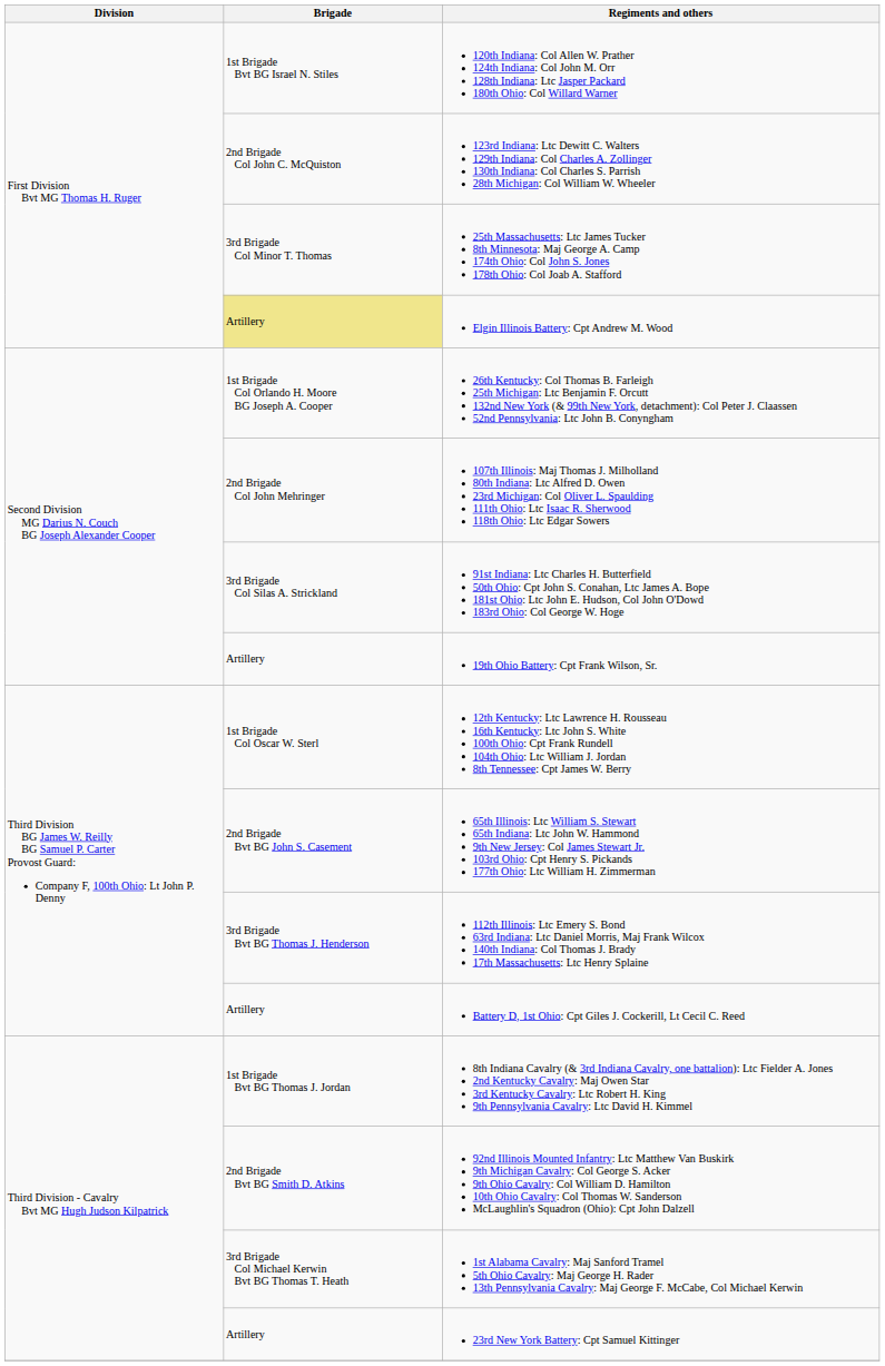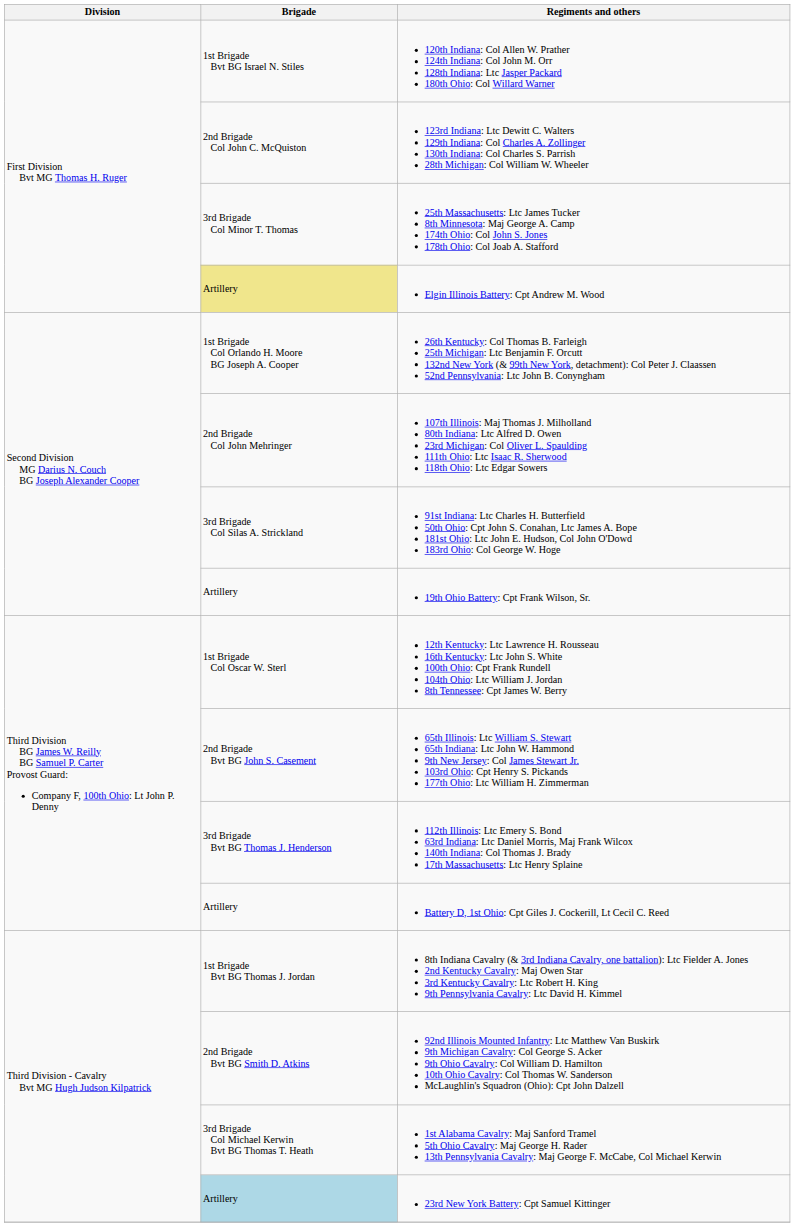 <table class="wikitable">
 <tr>
 <th width=25%>Division</th>
 <th width=25%>Brigade</th>
 <th>Regiments and others</th>
 </tr>
 <tr>
 <td rowspan=4><br>First Division <br>     Bvt MG <a href='#'>Thomas H. Ruger</a></td>
 <td>1st Brigade<br>   Bvt BG Israel N. Stiles</td>
 <td><br><ul><li><a href='#'>120th Indiana</a>: Col Allen W. Prather</li><li><a href='#'>124th Indiana</a>: Col John M. Orr</li><li><a href='#'>128th Indiana</a>: Ltc <a href='#'>Jasper Packard</a></li><li><a href='#'>180th Ohio</a>: Col <a href='#'>Willard Warner</a></li></ul></td>
 </tr>
 <tr>
 <td>2nd Brigade<br>   Col John C. McQuiston</td>
 <td><br><ul><li><a href='#'>123rd Indiana</a>: Ltc Dewitt C. Walters</li><li><a href='#'>129th Indiana</a>: Col <a href='#'>Charles A. Zollinger</a></li><li><a href='#'>130th Indiana</a>: Col Charles S. Parrish</li><li><a href='#'>28th Michigan</a>: Col William W. Wheeler</li></ul></td>
 </tr>
 <tr>
 <td>3rd Brigade<br>   Col Minor T. Thomas</td>
 <td><br><ul><li><a href='#'>25th Massachusetts</a>: Ltc James Tucker</li><li><a href='#'>8th Minnesota</a>: Maj George A. Camp</li><li><a href='#'>174th Ohio</a>: Col <a href='#'>John S. Jones</a></li><li><a href='#'>178th Ohio</a>: Col Joab A. Stafford</li></ul></td>
 </tr>
 <tr>
 <td style="background: khaki;">Artillery</td>
 <td><br><ul><li><a href='#'>Elgin Illinois Battery</a>: Cpt Andrew M. Wood</li></ul></td>
 </tr>
 <tr>
 <td rowspan=4><br>Second Division <br>     MG <a href='#'>Darius N. Couch</a><br>     BG <a href='#'>Joseph Alexander Cooper</a></td>
 <td>1st Brigade<br>   Col Orlando H. Moore<br>   BG Joseph A. Cooper</td>
 <td><br><ul><li><a href='#'>26th Kentucky</a>: Col Thomas B. Farleigh</li><li><a href='#'>25th Michigan</a>: Ltc Benjamin F. Orcutt</li><li><a href='#'>132nd New York</a> (& <a href='#'>99th New York</a>, detachment): Col Peter J. Claassen</li><li><a href='#'>52nd Pennsylvania</a>: Ltc John B. Conyngham</li></ul></td>
 </tr>
 <tr>
 <td>2nd Brigade<br>   Col John Mehringer</td>
 <td><br><ul><li><a href='#'>107th Illinois</a>: Maj Thomas J. Milholland</li><li><a href='#'>80th Indiana</a>: Ltc Alfred D. Owen</li><li><a href='#'>23rd Michigan</a>: Col <a href='#'>Oliver L. Spaulding</a></li><li><a href='#'>111th Ohio</a>: Ltc <a href='#'>Isaac R. Sherwood</a></li><li><a href='#'>118th Ohio</a>: Ltc Edgar Sowers</li></ul></td>
 </tr>
 <tr>
 <td>3rd Brigade<br>   Col Silas A. Strickland</td>
 <td><br><ul><li><a href='#'>91st Indiana</a>: Ltc Charles H. Butterfield</li><li><a href='#'>50th Ohio</a>: Cpt John S. Conahan, Ltc James A. Bope</li><li><a href='#'>181st Ohio</a>: Ltc John E. Hudson, Col John O'Dowd</li><li><a href='#'>183rd Ohio</a>: Col George W. Hoge</li></ul></td>
 </tr>
 <tr>
 <td>Artillery</td>
 <td><br><ul><li><a href='#'>19th Ohio Battery</a>: Cpt Frank Wilson, Sr.</li></ul></td>
 </tr>
 <tr>
 <td rowspan=4><br>Third Division <br>     BG <a href='#'>James W. Reilly</a><br>     BG <a href='#'>Samuel P. Carter</a><br> Provost Guard:<br><ul><li>Company F, <a href='#'>100th Ohio</a>: Lt John P. Denny</li></ul></td>
 <td>1st Brigade<br>   Col Oscar W. Sterl</td>
 <td><br><ul><li><a href='#'>12th Kentucky</a>: Ltc Lawrence H. Rousseau</li><li><a href='#'>16th Kentucky</a>: Ltc John S. White</li><li><a href='#'>100th Ohio</a>: Cpt Frank Rundell</li><li><a href='#'>104th Ohio</a>: Ltc William J. Jordan</li><li><a href='#'>8th Tennessee</a>: Cpt James W. Berry</li></ul></td>
 </tr>
 <tr>
 <td>2nd Brigade<br>   Bvt BG <a href='#'>John S. Casement</a></td>
 <td><br><ul><li><a href='#'>65th Illinois</a>: Ltc <a href='#'>William S. Stewart</a></li><li><a href='#'>65th Indiana</a>: Ltc John W. Hammond</li><li><a href='#'>9th New Jersey</a>: Col <a href='#'>James Stewart Jr.</a></li><li><a href='#'>103rd Ohio</a>: Cpt Henry S. Pickands</li><li><a href='#'>177th Ohio</a>: Ltc William H. Zimmerman</li></ul></td>
 </tr>
 <tr>
 <td>3rd Brigade<br>   Bvt BG <a href='#'>Thomas J. Henderson</a></td>
 <td><br><ul><li><a href='#'>112th Illinois</a>: Ltc Emery S. Bond</li><li><a href='#'>63rd Indiana</a>: Ltc Daniel Morris, Maj Frank Wilcox</li><li><a href='#'>140th Indiana</a>: Col Thomas J. Brady</li><li><a href='#'>17th Massachusetts</a>: Ltc Henry Splaine</li></ul></td>
 </tr>
 <tr>
 <td>Artillery</td>
 <td><br><ul><li><a href='#'>Battery D, 1st Ohio</a>: Cpt Giles J. Cockerill, Lt Cecil C. Reed</li></ul></td>
 </tr>
 <tr>
 <td rowspan=4><br>Third Division - Cavalry <br>     Bvt MG <a href='#'>Hugh Judson Kilpatrick</a></td>
 <td>1st Brigade<br>   Bvt BG Thomas J. Jordan</td>
 <td><br><ul><li>8th Indiana Cavalry (& <a href='#'>3rd Indiana Cavalry, one battalion</a>): Ltc Fielder A. Jones</li><li><a href='#'>2nd Kentucky Cavalry</a>: Maj Owen Star</li><li><a href='#'>3rd Kentucky Cavalry</a>: Ltc Robert H. King</li><li><a href='#'>9th Pennsylvania Cavalry</a>: Ltc David H. Kimmel</li></ul></td>
 </tr>
 <tr>
 <td>2nd Brigade<br>   Bvt BG <a href='#'>Smith D. Atkins</a></td>
 <td><br><ul><li><a href='#'>92nd Illinois Mounted Infantry</a>: Ltc Matthew Van Buskirk</li><li><a href='#'>9th Michigan Cavalry</a>: Col George S. Acker</li><li><a href='#'>9th Ohio Cavalry</a>: Col William D. Hamilton</li><li><a href='#'>10th Ohio Cavalry</a>: Col Thomas W. Sanderson</li><li>McLaughlin's Squadron (Ohio): Cpt John Dalzell</li></ul></td>
 </tr>
 <tr>
 <td>3rd Brigade<br>   Col Michael Kerwin<br>   Bvt BG Thomas T. Heath</td>
 <td><br><ul><li><a href='#'>1st Alabama Cavalry</a>: Maj Sanford Tramel</li><li><a href='#'>5th Ohio Cavalry</a>: Maj George H. Rader</li><li><a href='#'>13th Pennsylvania Cavalry</a>: Maj George F. McCabe, Col Michael Kerwin</li></ul></td>
 </tr>
 <tr>
-<td>Artillery</td>
+<td style="background: lightblue;">Artillery</td>
 <td><br><ul><li><a href='#'>23rd New York Battery</a>: Cpt Samuel Kittinger</li></ul></td>
 </tr>
 <tr>
 </tr>
 </table>
